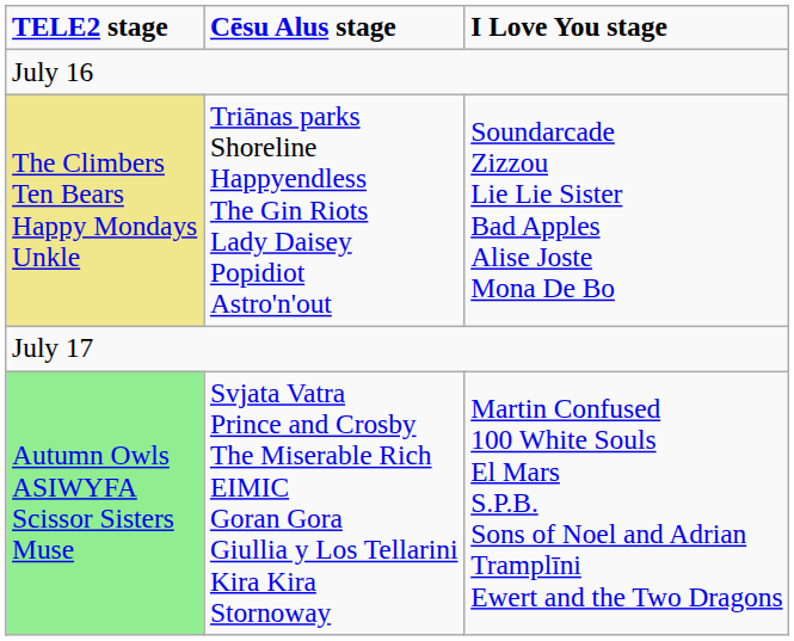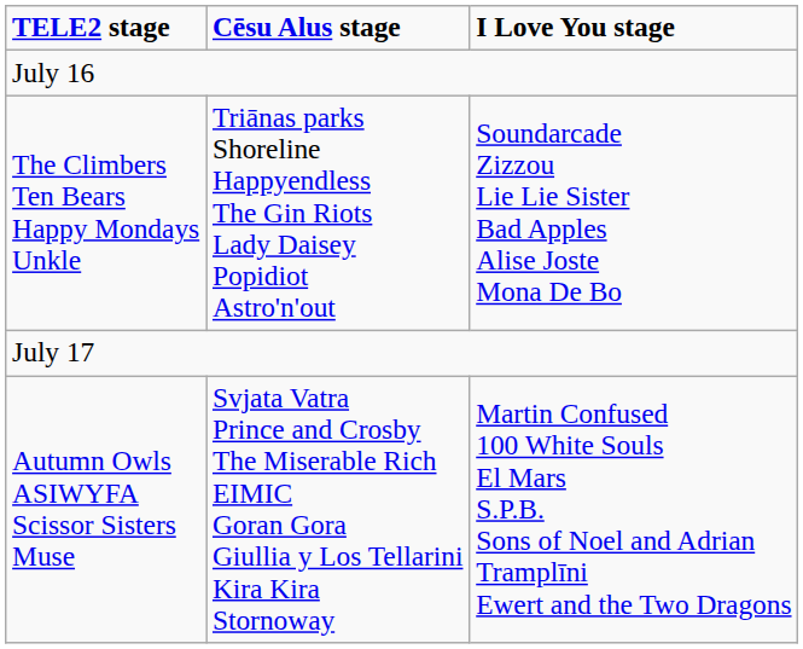 <table class="wikitable">
 <tr>
 <td><strong><a href='#'>TELE2</a> stage</strong></td>
 <td><strong><a href='#'>Cēsu Alus</a> stage</strong></td>
 <td><strong>I Love You stage</strong></td>
 </tr>
 <tr>
 <td colspan="4">July 16</td>
 </tr>
 <tr>
-<td style="background: khaki;"><a href='#'>The Climbers</a><br> <a href='#'>Ten Bears</a><br> <a href='#'>Happy Mondays</a><br> <a href='#'>Unkle</a></td>
+<td><a href='#'>The Climbers</a><br> <a href='#'>Ten Bears</a><br> <a href='#'>Happy Mondays</a><br> <a href='#'>Unkle</a></td>
 <td><a href='#'>Triānas parks</a><br> Shoreline<br> <a href='#'>Happyendless</a><br> <a href='#'>The Gin Riots</a><br> <a href='#'>Lady Daisey</a><br> <a href='#'>Popidiot</a><br> <a href='#'>Astro'n'out</a></td>
 <td><a href='#'>Soundarcade</a><br> <a href='#'>Zizzou</a><br> <a href='#'>Lie Lie Sister</a><br> <a href='#'>Bad Apples</a><br> <a href='#'>Alise Joste</a><br> <a href='#'>Mona De Bo</a></td>
 </tr>
 <tr>
 <td colspan="4">July 17</td>
 </tr>
 <tr>
-<td style="background: lightgreen;"><a href='#'>Autumn Owls</a><br> <a href='#'>ASIWYFA</a><br> <a href='#'>Scissor Sisters</a><br> <a href='#'>Muse</a></td>
+<td><a href='#'>Autumn Owls</a><br> <a href='#'>ASIWYFA</a><br> <a href='#'>Scissor Sisters</a><br> <a href='#'>Muse</a></td>
 <td><a href='#'>Svjata Vatra</a><br> <a href='#'>Prince and Crosby</a><br> <a href='#'>The Miserable Rich</a><br> <a href='#'>EIMIC</a><br> <a href='#'>Goran Gora</a><br> <a href='#'>Giullia y Los Tellarini</a><br> <a href='#'>Kira Kira</a><br> <a href='#'>Stornoway</a></td>
 <td><a href='#'>Martin Confused</a><br> <a href='#'>100 White Souls</a><br> <a href='#'>El Mars</a><br> <a href='#'>S.P.B.</a><br> <a href='#'>Sons of Noel and Adrian</a><br> <a href='#'>Tramplīni</a><br> <a href='#'>Ewert and the Two Dragons</a></td>
 </tr>
 </table>
